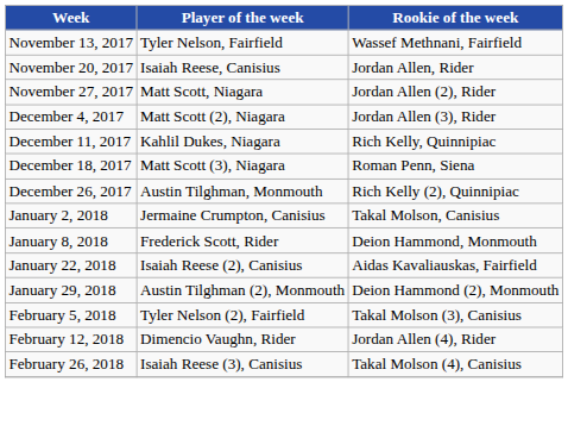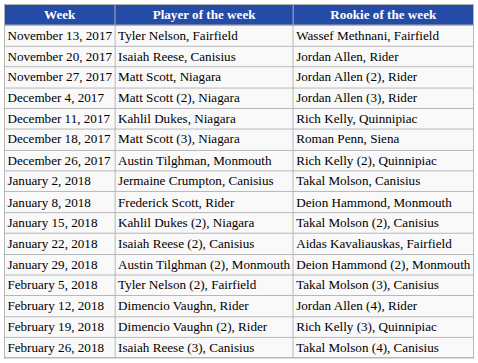 <table class="wikitable" border="1">
 <tr>
 <th align="center" style="background:#244BA6; color:#FFFFFF;">Week</th>
 <th align="center" style="background:#244BA6; color:#FFFFFF;">Player of the week</th>
 <th align="center" style="background:#244BA6; color:#FFFFFF;">Rookie of the week</th>
 </tr>
 <tr>
 <td>November 13, 2017</td>
 <td>Tyler Nelson, Fairfield</td>
 <td>Wassef Methnani, Fairfield</td>
 </tr>
 <tr>
 <td>November 20, 2017</td>
 <td>Isaiah Reese, Canisius</td>
 <td>Jordan Allen, Rider</td>
 </tr>
 <tr>
 <td>November 27, 2017</td>
 <td>Matt Scott, Niagara</td>
 <td>Jordan Allen (2), Rider</td>
 </tr>
 <tr>
 <td>December 4, 2017</td>
 <td>Matt Scott (2), Niagara</td>
 <td>Jordan Allen (3), Rider</td>
 </tr>
 <tr>
 <td>December 11, 2017</td>
 <td>Kahlil Dukes, Niagara</td>
 <td>Rich Kelly, Quinnipiac</td>
 </tr>
 <tr>
 <td>December 18, 2017</td>
 <td>Matt Scott (3), Niagara</td>
 <td>Roman Penn, Siena</td>
 </tr>
 <tr>
 <td>December 26, 2017</td>
 <td>Austin Tilghman, Monmouth</td>
 <td>Rich Kelly (2), Quinnipiac</td>
 </tr>
 <tr>
 <td>January 2, 2018</td>
 <td>Jermaine Crumpton, Canisius</td>
 <td>Takal Molson, Canisius</td>
 </tr>
 <tr>
 <td>January 8, 2018</td>
 <td>Frederick Scott, Rider</td>
 <td>Deion Hammond, Monmouth</td>
 </tr>
 <tr>
+<td>January 15, 2018</td>
+<td>Kahlil Dukes (2), Niagara</td>
+<td>Takal Molson (2), Canisius</td>
+</tr>
+<tr>
 <td>January 22, 2018</td>
 <td>Isaiah Reese (2), Canisius</td>
 <td>Aidas Kavaliauskas, Fairfield</td>
 </tr>
 <tr>
 <td>January 29, 2018</td>
 <td>Austin Tilghman (2), Monmouth</td>
 <td>Deion Hammond (2), Monmouth</td>
 </tr>
 <tr>
 <td>February 5, 2018</td>
 <td>Tyler Nelson (2), Fairfield</td>
 <td>Takal Molson (3), Canisius</td>
 </tr>
 <tr>
 <td>February 12, 2018</td>
 <td>Dimencio Vaughn, Rider</td>
 <td>Jordan Allen (4), Rider</td>
 </tr>
 <tr>
+<td>February 19, 2018</td>
+<td>Dimencio Vaughn (2), Rider</td>
+<td>Rich Kelly (3), Quinnipiac</td>
+</tr>
+<tr>
 <td>February 26, 2018</td>
 <td>Isaiah Reese (3), Canisius</td>
 <td>Takal Molson (4), Canisius</td>
 </tr>
 <tr>
 </tr>
 </table>
